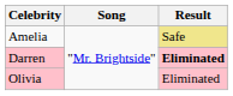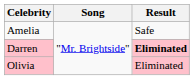 <table class="wikitable sortable collapsed">
 <tr>
 <th>Celebrity</th>
 <th>Song</th>
 <th>Result</th>
 </tr>
 <tr>
 <td>Amelia</td>
 <td rowspan=3>"<a href='#'>Mr. Brightside</a>"</td>
-<td style="background: khaki;">Safe</td>
+<td>Safe</td>
 </tr>
 <tr>
 <td style="background:pink;">Darren</td>
 <td style="background:pink;"><strong>Eliminated</strong></td>
 </tr>
 <tr>
 <td style="background:pink;">Olivia</td>
 <td style="background:pink;">Eliminated</td>
 </tr>
 </table>
